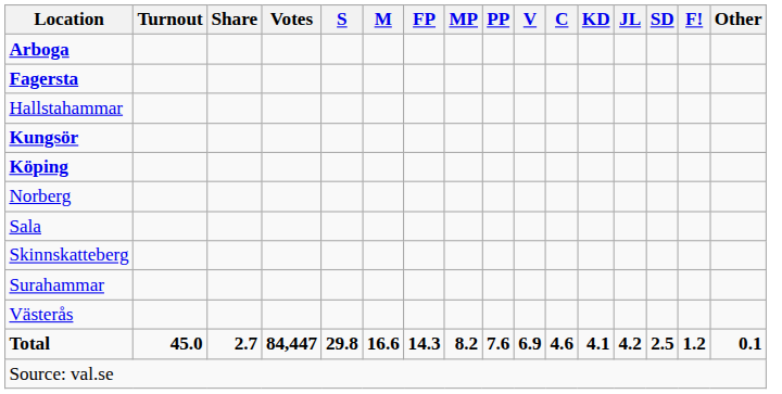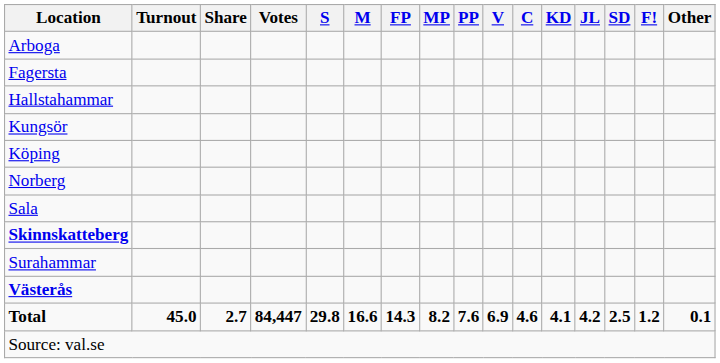 <table class="wikitable sortable" style=text-align:right>
 <tr>
 <th>Location</th>
 <th>Turnout</th>
 <th>Share</th>
 <th>Votes</th>
 <th><a href='#'>S</a></th>
 <th><a href='#'>M</a></th>
 <th><a href='#'>FP</a></th>
 <th><a href='#'>MP</a></th>
 <th><a href='#'>PP</a></th>
 <th><a href='#'>V</a></th>
 <th><a href='#'>C</a></th>
 <th><a href='#'>KD</a></th>
 <th><a href='#'>JL</a></th>
 <th><a href='#'>SD</a></th>
 <th><a href='#'>F!</a></th>
 <th>Other</th>
 </tr>
 <tr>
-<td align=left><strong><a href='#'>Arboga</a></strong></td>
+<td align=left><a href='#'>Arboga</a></td>
 <td></td>
 <td></td>
 <td></td>
 <td></td>
 <td></td>
 <td></td>
 <td></td>
 <td></td>
 <td></td>
 <td></td>
 <td></td>
 <td></td>
 <td></td>
 <td></td>
 <td></td>
 </tr>
 <tr>
-<td align=left><strong><a href='#'>Fagersta</a></strong></td>
+<td align=left><a href='#'>Fagersta</a></td>
 <td></td>
 <td></td>
 <td></td>
 <td></td>
 <td></td>
 <td></td>
 <td></td>
 <td></td>
 <td></td>
 <td></td>
 <td></td>
 <td></td>
 <td></td>
 <td></td>
 <td></td>
 </tr>
 <tr>
 <td align=left><a href='#'>Hallstahammar</a></td>
 <td></td>
 <td></td>
 <td></td>
 <td></td>
 <td></td>
 <td></td>
 <td></td>
 <td></td>
 <td></td>
 <td></td>
 <td></td>
 <td></td>
 <td></td>
 <td></td>
 <td></td>
 </tr>
 <tr>
-<td align=left><strong><a href='#'>Kungsör</a></strong></td>
+<td align=left><a href='#'>Kungsör</a></td>
 <td></td>
 <td></td>
 <td></td>
 <td></td>
 <td></td>
 <td></td>
 <td></td>
 <td></td>
 <td></td>
 <td></td>
 <td></td>
 <td></td>
 <td></td>
 <td></td>
 <td></td>
 </tr>
 <tr>
-<td align=left><strong><a href='#'>Köping</a></strong></td>
+<td align=left><a href='#'>Köping</a></td>
 <td></td>
 <td></td>
 <td></td>
 <td></td>
 <td></td>
 <td></td>
 <td></td>
 <td></td>
 <td></td>
 <td></td>
 <td></td>
 <td></td>
 <td></td>
 <td></td>
 <td></td>
 </tr>
 <tr>
 <td align=left><a href='#'>Norberg</a></td>
 <td></td>
 <td></td>
 <td></td>
 <td></td>
 <td></td>
 <td></td>
 <td></td>
 <td></td>
 <td></td>
 <td></td>
 <td></td>
 <td></td>
 <td></td>
 <td></td>
 <td></td>
 </tr>
 <tr>
 <td align=left><a href='#'>Sala</a></td>
 <td></td>
 <td></td>
 <td></td>
 <td></td>
 <td></td>
 <td></td>
 <td></td>
 <td></td>
 <td></td>
 <td></td>
 <td></td>
 <td></td>
 <td></td>
 <td></td>
 <td></td>
 </tr>
 <tr>
-<td align=left><a href='#'>Skinnskatteberg</a></td>
+<td align=left><strong><a href='#'>Skinnskatteberg</a></strong></td>
 <td></td>
 <td></td>
 <td></td>
 <td></td>
 <td></td>
 <td></td>
 <td></td>
 <td></td>
 <td></td>
 <td></td>
 <td></td>
 <td></td>
 <td></td>
 <td></td>
 <td></td>
 </tr>
 <tr>
 <td align=left><a href='#'>Surahammar</a></td>
 <td></td>
 <td></td>
 <td></td>
 <td></td>
 <td></td>
 <td></td>
 <td></td>
 <td></td>
 <td></td>
 <td></td>
 <td></td>
 <td></td>
 <td></td>
 <td></td>
 <td></td>
 </tr>
 <tr>
-<td align=left><a href='#'>Västerås</a></td>
+<td align=left><strong><a href='#'>Västerås</a></strong></td>
 <td></td>
 <td></td>
 <td></td>
 <td></td>
 <td></td>
 <td></td>
 <td></td>
 <td></td>
 <td></td>
 <td></td>
 <td></td>
 <td></td>
 <td></td>
 <td></td>
 <td></td>
 </tr>
 <tr>
 <td align=left><strong>Total</strong></td>
 <td><strong>45.0</strong></td>
 <td><strong>2.7</strong></td>
 <td><strong>84,447</strong></td>
 <td><strong>29.8</strong></td>
 <td><strong>16.6</strong></td>
 <td><strong>14.3</strong></td>
 <td><strong>8.2</strong></td>
 <td><strong>7.6</strong></td>
 <td><strong>6.9</strong></td>
 <td><strong>4.6</strong></td>
 <td><strong>4.1</strong></td>
 <td><strong>4.2</strong></td>
 <td><strong>2.5</strong></td>
 <td><strong>1.2</strong></td>
 <td><strong>0.1</strong></td>
 </tr>
 <tr>
 <td align=left colspan=16>Source: val.se </td>
 </tr>
 </table>
